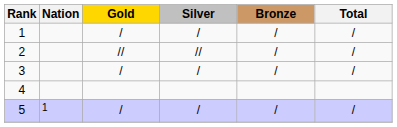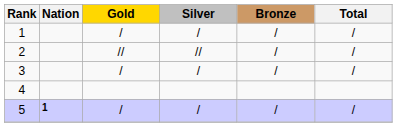 <table class="wikitable sortable plainrowheaders" style="text-align: center">
 <tr>
 <th scope="col">Rank</th>
 <th scope="col">Nation</th>
 <th scope="col" style="background-color:gold; width:6em;">Gold</th>
 <th scope="col" style="background-color:silver; width:6em;">Silver</th>
 <th scope="col" style="background-color:#cc9966; width:6em;">Bronze</th>
 <th scope="col" style="width:6em;">Total</th>
 </tr>
 <tr>
 <td>1</td>
 <td align=left> </td>
 <td>/</td>
 <td>/</td>
 <td>/</td>
 <td>/</td>
 </tr>
 <tr>
 <td>2</td>
 <td align=left> </td>
 <td>//</td>
 <td>//</td>
 <td>/</td>
 <td>/</td>
 </tr>
 <tr>
 <td>3</td>
 <td align=left> </td>
 <td>/</td>
 <td>/</td>
 <td>/</td>
 <td>/</td>
 </tr>
 <tr>
 <td>4</td>
 <td align=left></td>
 <td></td>
 <td></td>
 <td></td>
 <td></td>
 </tr>
 <tr style="background-color:#ccccff">
 <td>5</td>
-<td align=left> <sup>1</sup> </td>
+<td align=left><strong> <sup>1</sup> </strong></td>
 <td>/</td>
 <td>/</td>
 <td>/</td>
 <td>/</td>
 </tr>
 <tr>
 </tr>
 </table>
